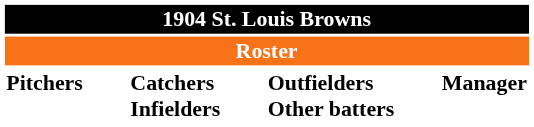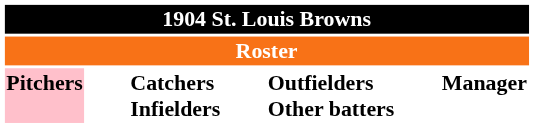 <table class="toccolours" style="font-size: 95%;">
 <tr>
 <th colspan="10" style="background-color: black; color: white; text-align: center;">1904 St. Louis Browns</th>
 </tr>
 <tr>
 <td colspan="10" style="background-color: #F87217; color: white; text-align: center;"><strong>Roster</strong></td>
 </tr>
 <tr>
-<td valign="top"><strong>Pitchers</strong><br>      </td>
+<td valign="top" style="background: pink;"><strong>Pitchers</strong><br>      </td>
 <td width="25px"></td>
 <td valign="top"><strong>Catchers</strong><br>   <strong>Infielders</strong>       </td>
 <td width="25px"></td>
 <td valign="top"><strong>Outfielders</strong><br>      <strong>Other batters</strong>  </td>
 <td width="25px"></td>
 <td valign="top"><strong>Manager</strong><br></td>
 </tr>
 </table>
